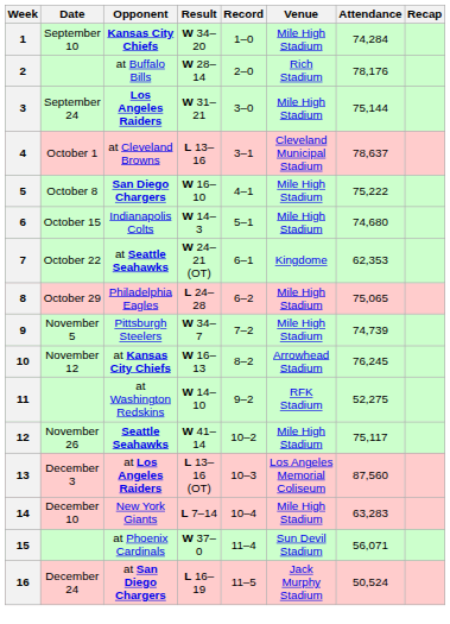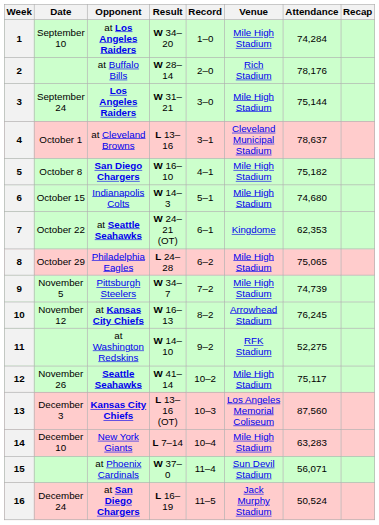 <table class="wikitable" style="text-align:center">
 <tr>
 <th>Week</th>
 <th>Date</th>
 <th>Opponent</th>
 <th>Result</th>
 <th>Record</th>
 <th>Venue</th>
 <th>Attendance</th>
 <th>Recap</th>
 </tr>
 <tr style="background:#cfc">
 <th>1</th>
 <td>September 10</td>
-<td><strong><a href='#'>Kansas City Chiefs</a></strong></td>
+<td>at <strong><a href='#'>Los Angeles Raiders</a></strong></td>
 <td><strong>W</strong> 34–20</td>
 <td>1–0</td>
 <td><a href='#'>Mile High Stadium</a></td>
 <td>74,284</td>
 <td></td>
 </tr>
 <tr style="background:#cfc">
 <th>2</th>
 <td></td>
 <td>at <a href='#'>Buffalo Bills</a></td>
 <td><strong>W</strong> 28–14</td>
 <td>2–0</td>
 <td><a href='#'>Rich Stadium</a></td>
 <td>78,176</td>
 <td></td>
 </tr>
 <tr style="background:#cfc">
 <th>3</th>
 <td>September 24</td>
 <td><strong><a href='#'>Los Angeles Raiders</a></strong></td>
 <td><strong>W</strong> 31–21</td>
 <td>3–0</td>
 <td><a href='#'>Mile High Stadium</a></td>
 <td>75,144</td>
 <td></td>
 </tr>
 <tr style="background:#fcc">
 <th>4</th>
 <td>October 1</td>
 <td>at <a href='#'>Cleveland Browns</a></td>
 <td><strong>L</strong>  13–16</td>
 <td>3–1</td>
 <td><a href='#'>Cleveland Municipal Stadium</a></td>
 <td>78,637</td>
 <td></td>
 </tr>
 <tr style="background:#cfc">
 <th>5</th>
 <td>October 8</td>
 <td><strong><a href='#'>San Diego Chargers</a></strong></td>
 <td><strong>W</strong> 16–10</td>
 <td>4–1</td>
 <td><a href='#'>Mile High Stadium</a></td>
-<td>75,222</td>
+<td>75,182</td>
 <td></td>
 </tr>
 <tr style="background:#cfc">
 <th>6</th>
 <td>October 15</td>
 <td><a href='#'>Indianapolis Colts</a></td>
 <td><strong>W</strong> 14–3</td>
 <td>5–1</td>
 <td><a href='#'>Mile High Stadium</a></td>
 <td>74,680</td>
 <td></td>
 </tr>
 <tr style="background:#cfc">
 <th>7</th>
 <td>October 22</td>
 <td>at <strong><a href='#'>Seattle Seahawks</a></strong></td>
 <td><strong>W</strong> 24–21 (OT)</td>
 <td>6–1</td>
 <td><a href='#'>Kingdome</a></td>
 <td>62,353</td>
 <td></td>
 </tr>
 <tr style="background:#fcc">
 <th>8</th>
 <td>October 29</td>
 <td><a href='#'>Philadelphia Eagles</a></td>
 <td><strong>L</strong>  24–28</td>
 <td>6–2</td>
 <td><a href='#'>Mile High Stadium</a></td>
 <td>75,065</td>
 <td></td>
 </tr>
 <tr style="background:#cfc">
 <th>9</th>
 <td>November 5</td>
 <td><a href='#'>Pittsburgh Steelers</a></td>
 <td><strong>W</strong> 34–7</td>
 <td>7–2</td>
 <td><a href='#'>Mile High Stadium</a></td>
 <td>74,739</td>
 <td></td>
 </tr>
 <tr style="background:#cfc">
 <th>10</th>
 <td>November 12</td>
 <td>at <strong><a href='#'>Kansas City Chiefs</a></strong></td>
 <td><strong>W</strong> 16–13</td>
 <td>8–2</td>
 <td><a href='#'>Arrowhead Stadium</a></td>
 <td>76,245</td>
 <td></td>
 </tr>
 <tr style="background:#cfc">
 <th>11</th>
 <td></td>
 <td>at <a href='#'>Washington Redskins</a></td>
 <td><strong>W</strong> 14–10</td>
 <td>9–2</td>
 <td><a href='#'>RFK Stadium</a></td>
 <td>52,275</td>
 <td></td>
 </tr>
 <tr style="background:#cfc">
 <th>12</th>
 <td>November 26</td>
 <td><strong><a href='#'>Seattle Seahawks</a></strong></td>
 <td><strong>W</strong> 41–14</td>
 <td>10–2</td>
 <td><a href='#'>Mile High Stadium</a></td>
 <td>75,117</td>
 <td></td>
 </tr>
 <tr style="background:#fcc">
 <th>13</th>
 <td>December 3</td>
-<td>at <strong><a href='#'>Los Angeles Raiders</a></strong></td>
+<td><strong><a href='#'>Kansas City Chiefs</a></strong></td>
 <td><strong>L</strong>  13–16 (OT)</td>
 <td>10–3</td>
 <td><a href='#'>Los Angeles Memorial Coliseum</a></td>
 <td>87,560</td>
 <td></td>
 </tr>
 <tr style="background:#fcc">
 <th>14</th>
 <td>December 10</td>
 <td><a href='#'>New York Giants</a></td>
 <td><strong>L</strong>  7–14</td>
 <td>10–4</td>
 <td><a href='#'>Mile High Stadium</a></td>
 <td>63,283</td>
 <td></td>
 </tr>
 <tr style="background:#cfc">
 <th>15</th>
 <td></td>
 <td>at <a href='#'>Phoenix Cardinals</a></td>
 <td><strong>W</strong> 37–0</td>
 <td>11–4</td>
 <td><a href='#'>Sun Devil Stadium</a></td>
 <td>56,071</td>
 <td></td>
 </tr>
 <tr style="background:#fcc">
 <th>16</th>
 <td>December 24</td>
 <td>at <strong><a href='#'>San Diego Chargers</a></strong></td>
 <td><strong>L</strong>  16–19</td>
 <td>11–5</td>
 <td><a href='#'>Jack Murphy Stadium</a></td>
 <td>50,524</td>
 <td></td>
 </tr>
 </table>
